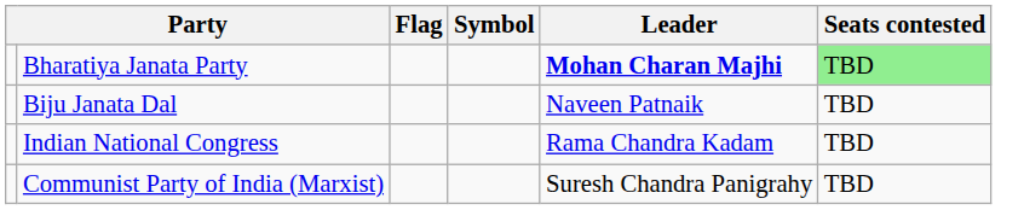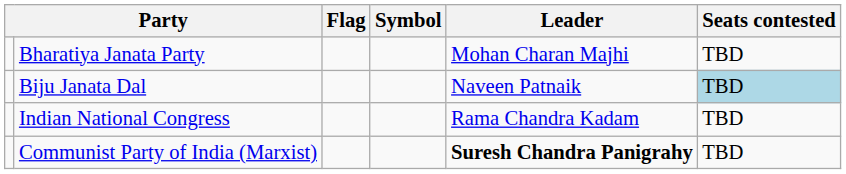 <table class="wikitable  defaultcenter col3left" style="font-size: 100%">
 <tr>
 <th colspan="2">Party</th>
 <th>Flag</th>
 <th>Symbol</th>
 <th>Leader</th>
 <th colspan="2">Seats contested</th>
 </tr>
 <tr>
 <td></td>
 <td><a href='#'>Bharatiya Janata Party</a></td>
 <td></td>
 <td></td>
-<td><strong><a href='#'>Mohan Charan Majhi</a></strong></td>
-<td style="background: lightgreen;">TBD</td>
+<td><a href='#'>Mohan Charan Majhi</a></td>
+<td>TBD</td>
 </tr>
 <tr>
 <td></td>
 <td><a href='#'>Biju Janata Dal</a></td>
 <td></td>
 <td></td>
 <td><a href='#'>Naveen Patnaik</a></td>
-<td>TBD</td>
+<td style="background: lightblue;">TBD</td>
 </tr>
 <tr>
 <td></td>
 <td><a href='#'>Indian National Congress</a></td>
 <td></td>
 <td></td>
 <td><a href='#'>Rama Chandra Kadam</a></td>
 <td>TBD</td>
 </tr>
 <tr>
 <td></td>
 <td><a href='#'>Communist Party of India (Marxist)</a></td>
 <td></td>
 <td></td>
-<td>Suresh Chandra Panigrahy</td>
+<td><strong>Suresh Chandra Panigrahy</strong></td>
 <td>TBD</td>
 </tr>
 </table>
